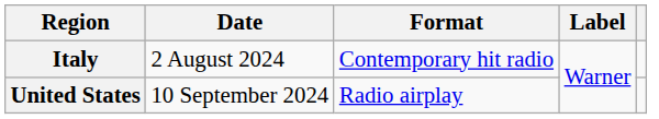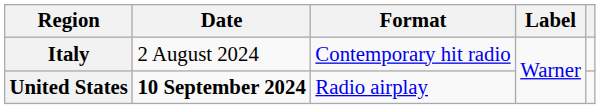 <table class="wikitable plainrowheaders">
 <tr>
 <th scope="col">Region</th>
 <th scope="col">Date</th>
 <th scope="col">Format</th>
 <th scope="col">Label</th>
 <th scope="col"></th>
 </tr>
 <tr>
 <th scope="row">Italy</th>
 <td>2 August 2024</td>
 <td><a href='#'>Contemporary hit radio</a></td>
 <td rowspan="2"><a href='#'>Warner</a></td>
 <td style="text-align:center"></td>
 </tr>
 <tr>
 <th scope="row">United States</th>
-<td>10 September 2024</td>
+<td><strong>10 September 2024</strong></td>
 <td><a href='#'>Radio airplay</a></td>
 <td style="text-align:center"></td>
 </tr>
 </table>
